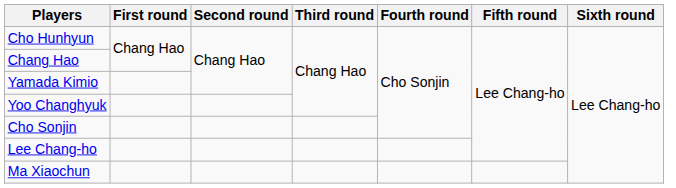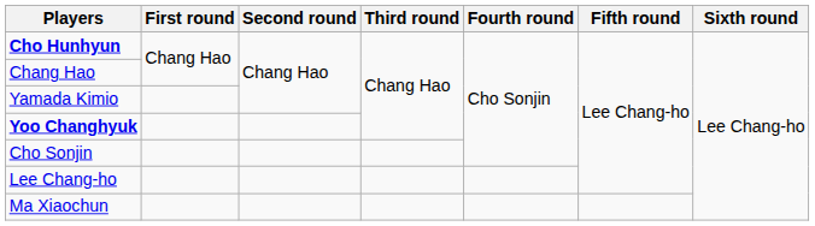 <table class="wikitable">
 <tr>
 <th>Players</th>
 <th>First round</th>
 <th>Second round</th>
 <th>Third round</th>
 <th>Fourth round</th>
 <th>Fifth round</th>
 <th>Sixth round</th>
 </tr>
 <tr>
-<td> <a href='#'>Cho Hunhyun</a></td>
+<td><strong> <a href='#'>Cho Hunhyun</a></strong></td>
 <td rowspan="2" valign="center">Chang Hao</td>
 <td rowspan="3" valign="center">Chang Hao</td>
 <td rowspan="4" valign="center">Chang Hao</td>
 <td rowspan="5" valign="center">Cho Sonjin</td>
 <td rowspan="6" valign="center">Lee Chang-ho</td>
 <td rowspan="7" valign="center">Lee Chang-ho</td>
 </tr>
 <tr>
 <td> <a href='#'>Chang Hao</a></td>
 </tr>
 <tr>
 <td> <a href='#'>Yamada Kimio</a></td>
 <td></td>
 </tr>
 <tr>
-<td> <a href='#'>Yoo Changhyuk</a></td>
+<td><strong> <a href='#'>Yoo Changhyuk</a></strong></td>
 <td></td>
 <td></td>
 </tr>
 <tr>
 <td> <a href='#'>Cho Sonjin</a></td>
 <td></td>
 <td></td>
 <td></td>
 </tr>
 <tr>
 <td> <a href='#'>Lee Chang-ho</a></td>
 <td></td>
 <td></td>
 <td></td>
 <td></td>
 </tr>
 <tr>
 <td> <a href='#'>Ma Xiaochun</a></td>
 <td></td>
 <td></td>
 <td></td>
 <td></td>
 <td></td>
 </tr>
 </table>
